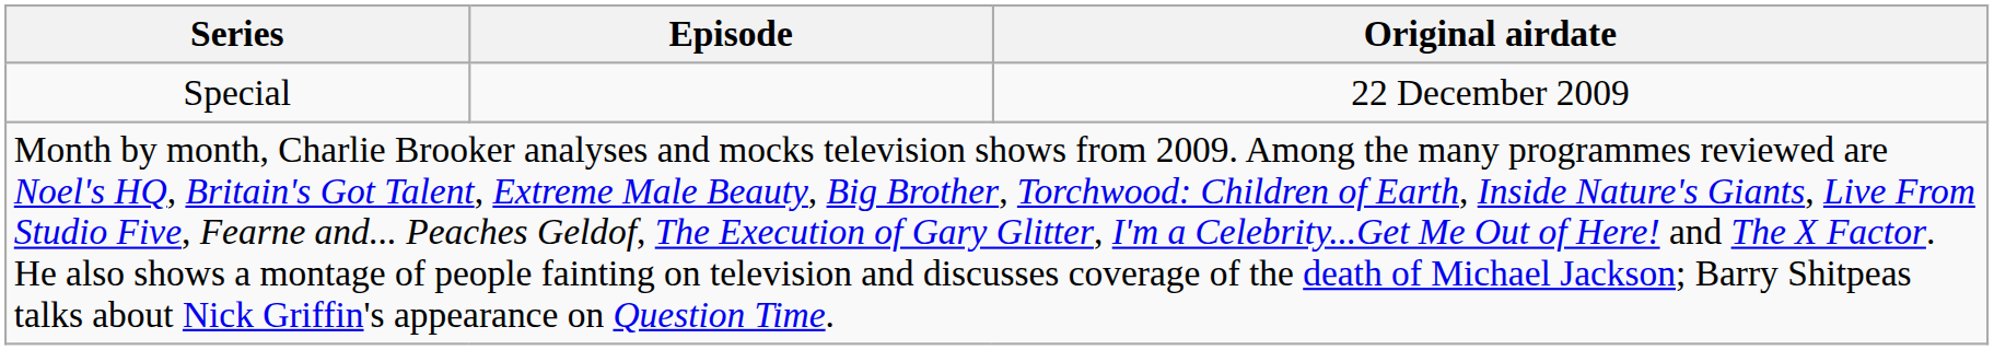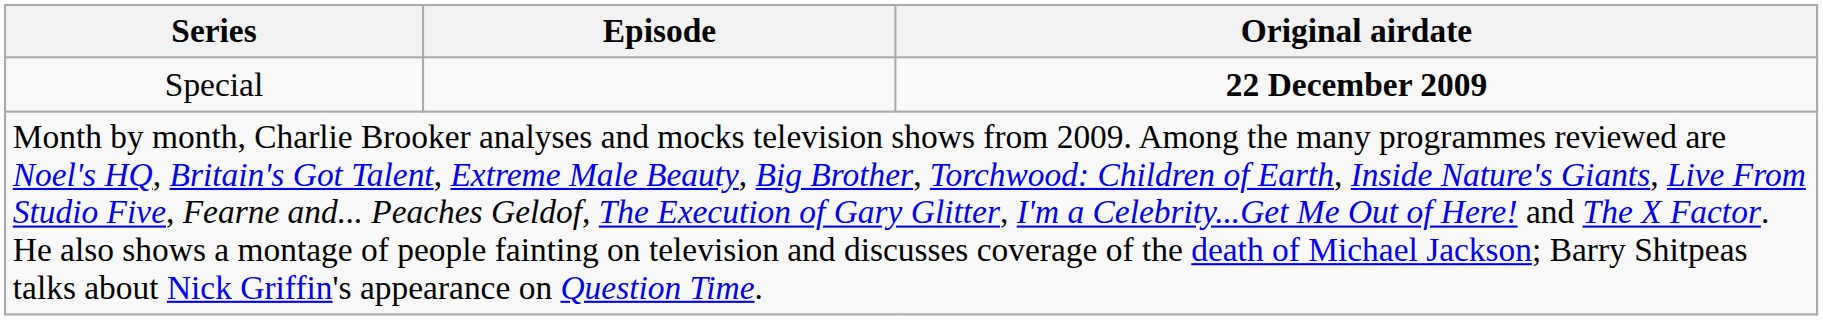 <table class="wikitable" style="text-align:center">
 <tr>
 <th>Series</th>
 <th>Episode</th>
 <th>Original airdate</th>
 </tr>
 <tr>
 <td>Special</td>
 <td></td>
-<td>22 December 2009</td>
+<td><strong>22 December 2009</strong></td>
 </tr>
 <tr>
 <td colspan="3" align="left">Month by month, Charlie Brooker analyses and mocks television shows from 2009. Among the many programmes reviewed are <em><a href='#'>Noel's HQ</a></em>, <em><a href='#'>Britain's Got Talent</a></em>, <em><a href='#'>Extreme Male Beauty</a></em>, <em><a href='#'>Big Brother</a></em>, <em><a href='#'>Torchwood: Children of Earth</a></em>, <em><a href='#'>Inside Nature's Giants</a></em>, <em><a href='#'>Live From Studio Five</a></em>, <em>Fearne and... Peaches Geldof</em>, <em><a href='#'>The Execution of Gary Glitter</a></em>, <em><a href='#'>I'm a Celebrity...Get Me Out of Here!</a></em> and <em><a href='#'>The X Factor</a></em>. He also shows a montage of people fainting on television and discusses coverage of the <a href='#'>death of Michael Jackson</a>; Barry Shitpeas talks about <a href='#'>Nick Griffin</a>'s appearance on <em><a href='#'>Question Time</a></em>.</td>
 </tr>
 </table>
